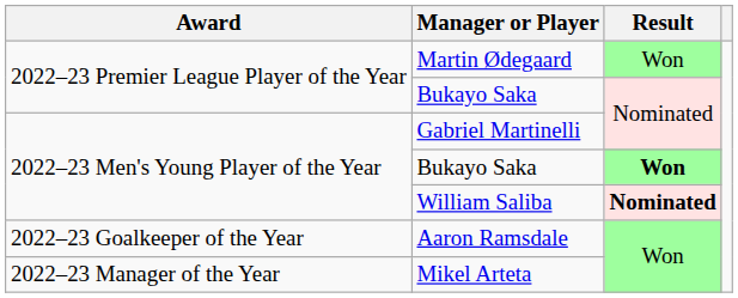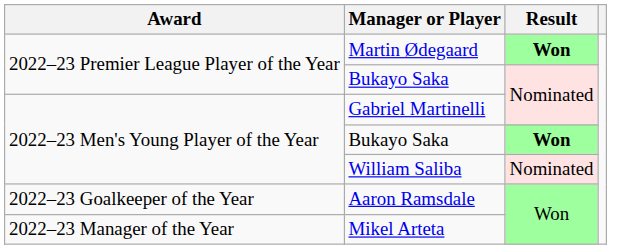 <table class="wikitable" style="text-align:center;">
 <tr>
 <th>Award</th>
 <th>Manager or Player</th>
 <th>Result</th>
 <th></th>
 </tr>
 <tr>
 <td rowspan="2" style="text-align:left;">2022–23 Premier League Player of the Year</td>
 <td style="text-align:left;"> <a href='#'>Martin Ødegaard</a></td>
-<td style="background:#9eff9e;">Won</td>
+<td style="background:#9eff9e;"><strong>Won</strong></td>
 <td rowspan="7"></td>
 </tr>
 <tr>
 <td style="text-align:left;"> <a href='#'>Bukayo Saka</a></td>
 <td rowspan="2" style="background:#ffe3e3;">Nominated</td>
 </tr>
 <tr>
 <td rowspan="3" style="text-align:left;">2022–23 Men's Young Player of the Year</td>
 <td style="text-align:left;"> <a href='#'>Gabriel Martinelli</a></td>
 </tr>
 <tr>
 <td style="text-align:left;"> Bukayo Saka</td>
 <td style="background:#9eff9e;"><strong>Won</strong></td>
 </tr>
 <tr>
 <td style="text-align:left;"> <a href='#'>William Saliba</a></td>
-<td style="background:#ffe3e3;"><strong>Nominated</strong></td>
+<td style="background:#ffe3e3;">Nominated</td>
 </tr>
 <tr>
 <td style="text-align:left;">2022–23 Goalkeeper of the Year</td>
 <td style="text-align:left;"> <a href='#'>Aaron Ramsdale</a></td>
 <td rowspan="2" style="background:#9eff9e;">Won</td>
 </tr>
 <tr>
 <td style="text-align:left;">2022–23 Manager of the Year</td>
 <td style="text-align:left;"> <a href='#'>Mikel Arteta</a></td>
 </tr>
 </table>
